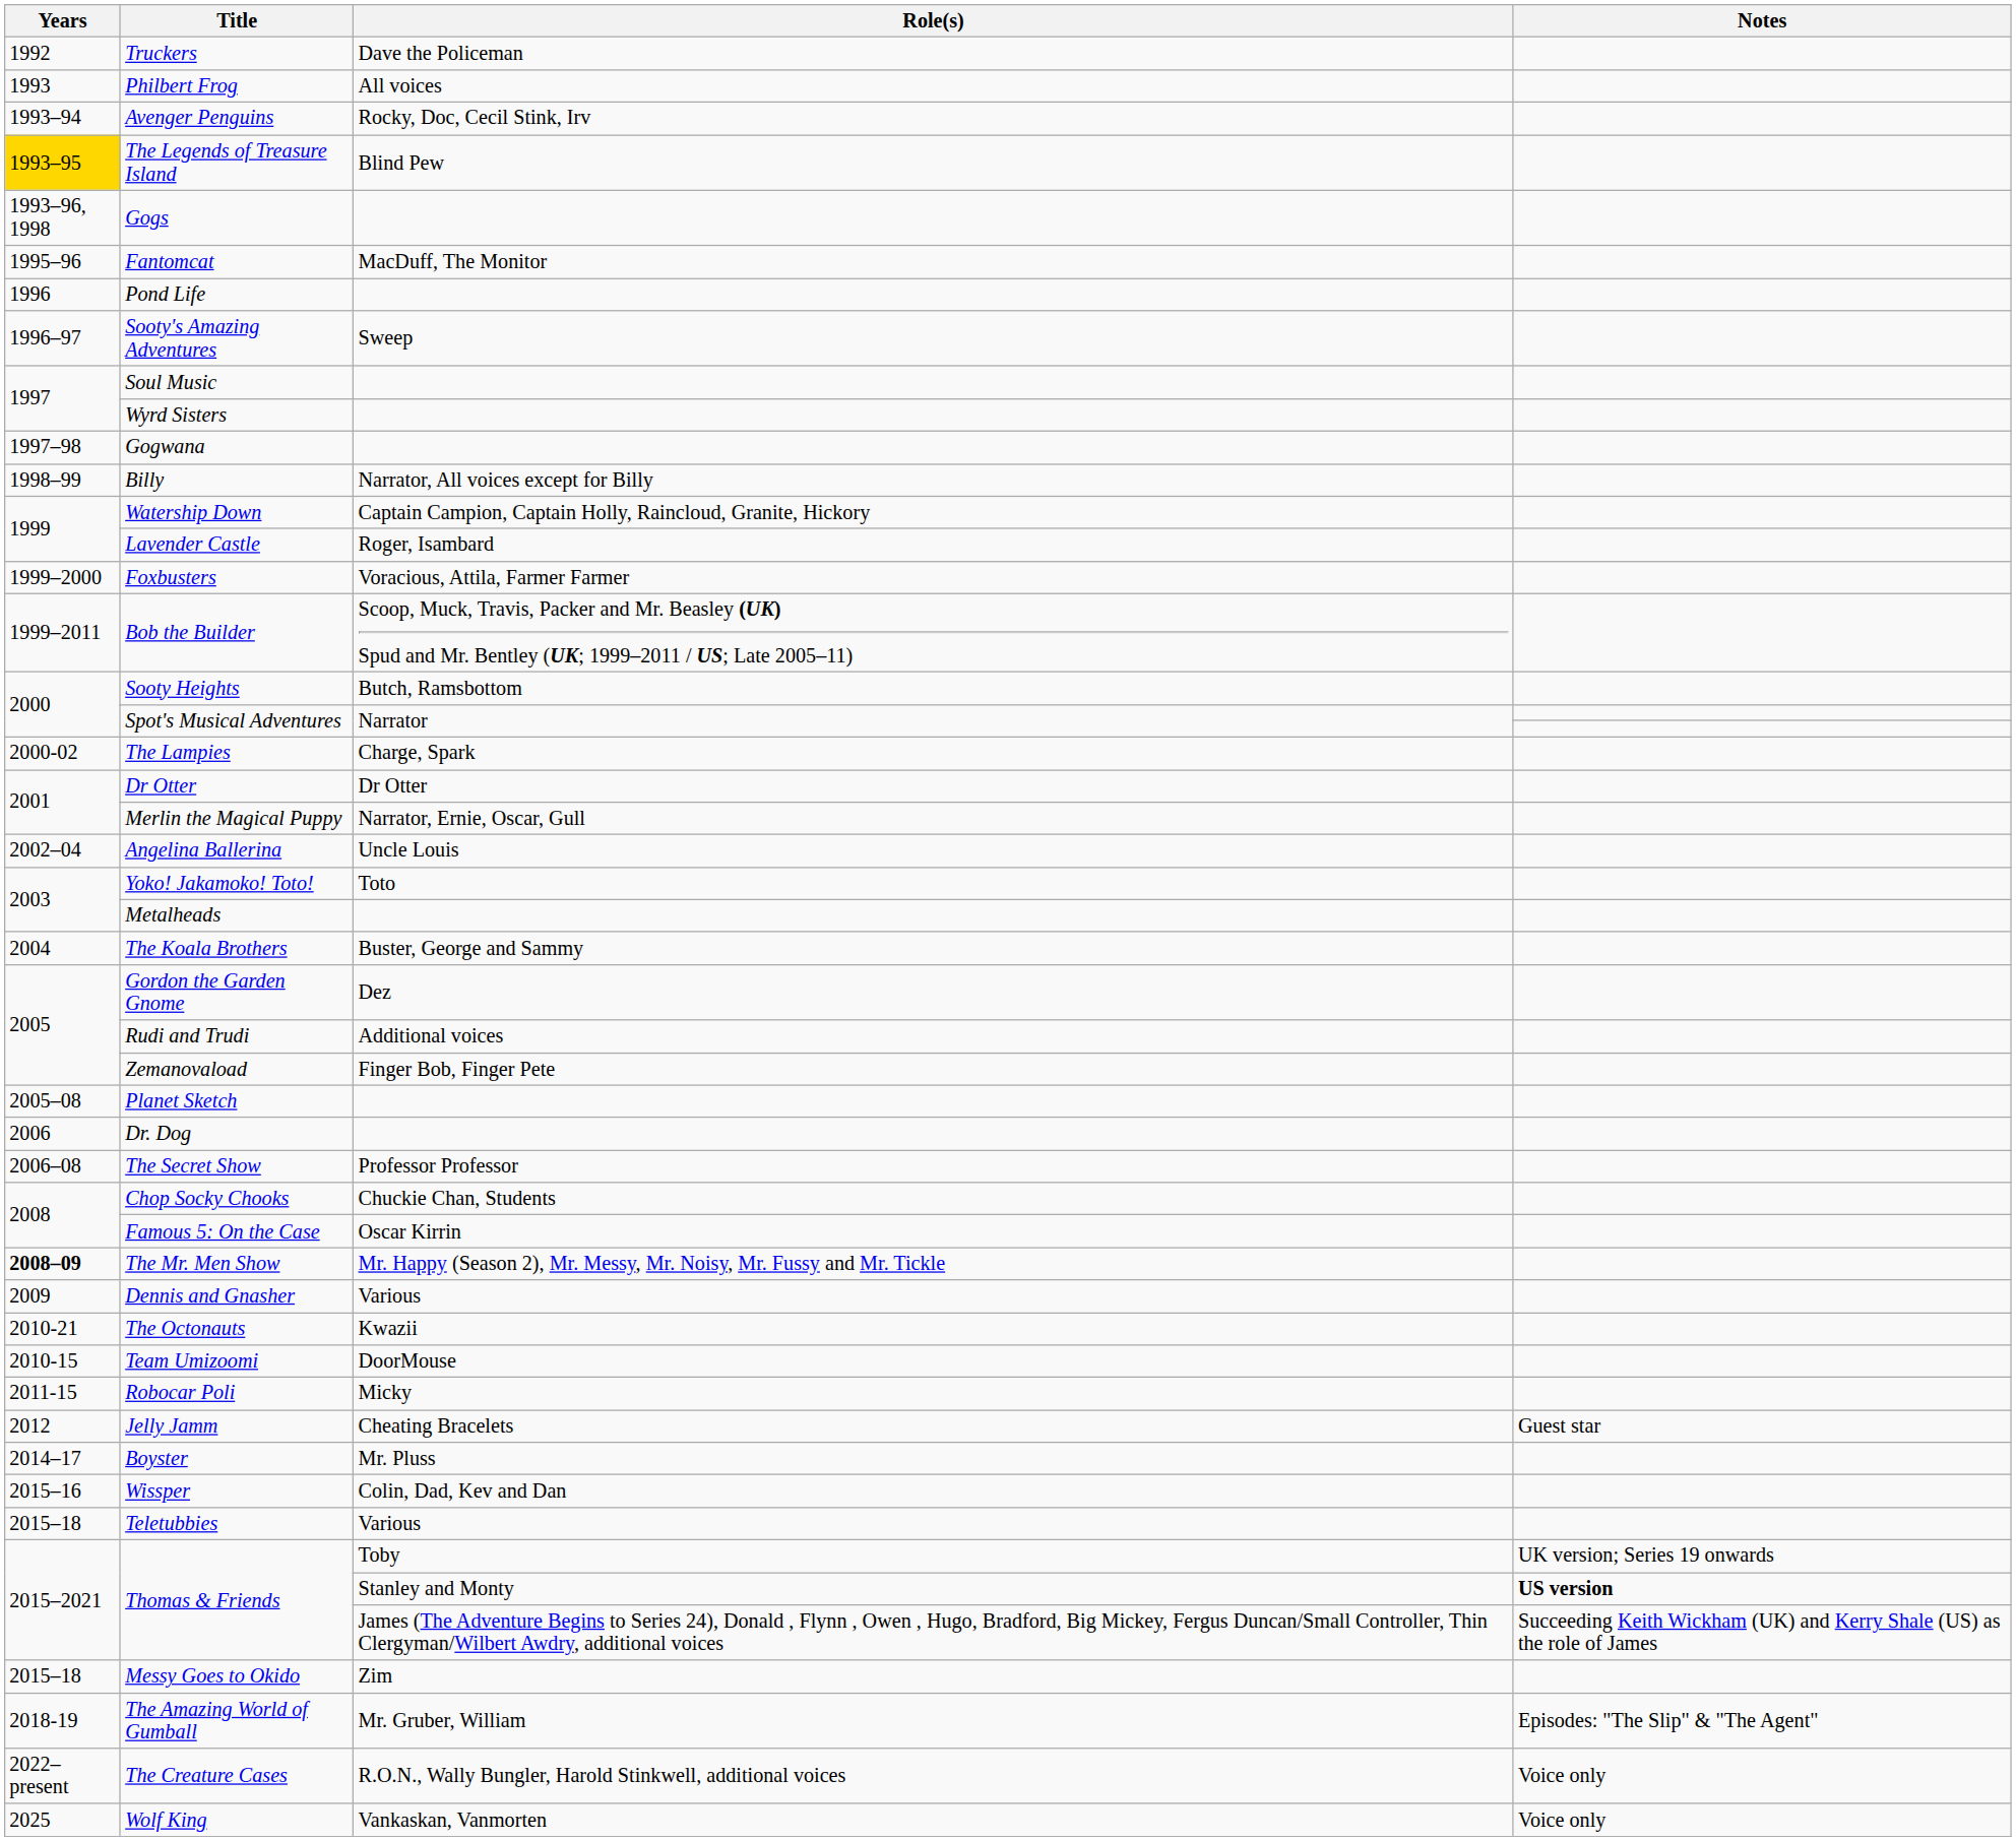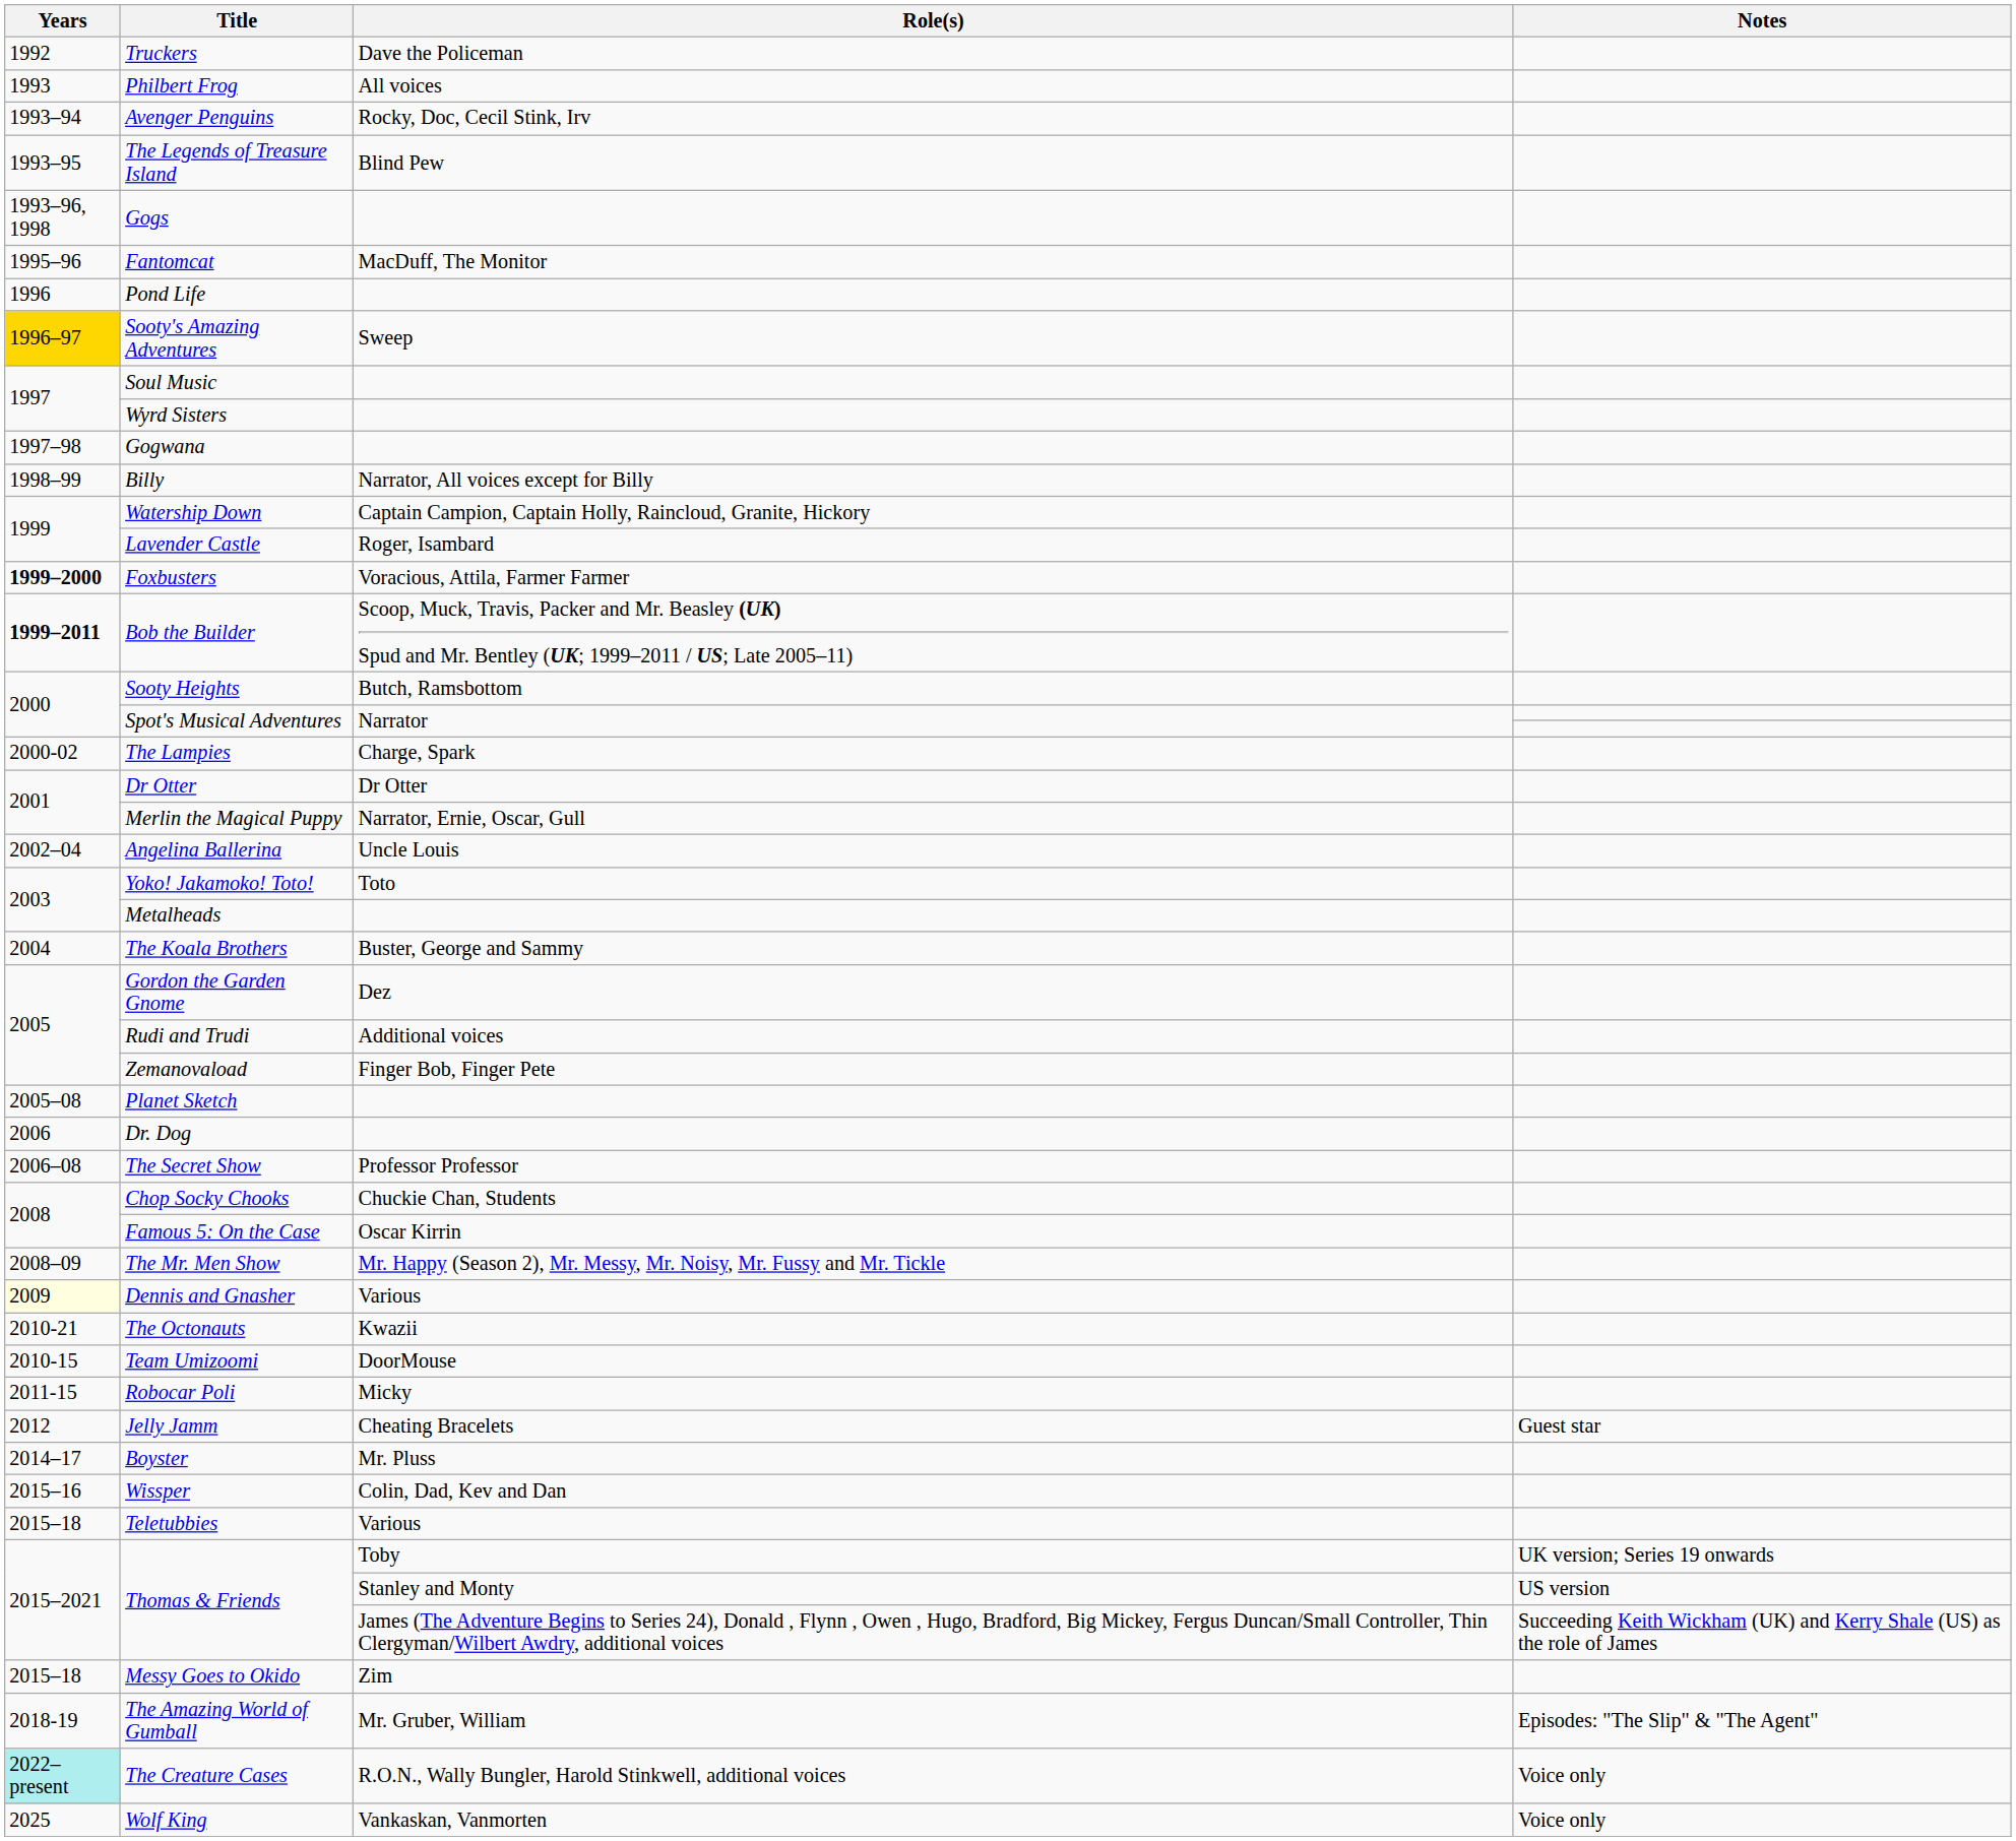 <table class="wikitable">
 <tr>
 <th>Years</th>
 <th>Title</th>
 <th>Role(s)</th>
 <th>Notes</th>
 </tr>
 <tr>
 <td>1992</td>
 <td><em><a href='#'>Truckers</a></em></td>
 <td>Dave the Policeman</td>
 <td></td>
 </tr>
 <tr>
 <td>1993</td>
 <td><em><a href='#'>Philbert Frog</a></em></td>
 <td>All voices</td>
 <td></td>
 </tr>
 <tr>
 <td>1993–94</td>
 <td><em><a href='#'>Avenger Penguins</a></em></td>
 <td>Rocky, Doc, Cecil Stink, Irv</td>
 <td></td>
 </tr>
 <tr>
-<td style="background: gold;">1993–95</td>
+<td>1993–95</td>
 <td><em><a href='#'>The Legends of Treasure Island</a></em></td>
 <td>Blind Pew</td>
 <td></td>
 </tr>
 <tr>
 <td>1993–96, 1998</td>
 <td><em><a href='#'>Gogs</a></em></td>
 <td></td>
 <td></td>
 </tr>
 <tr>
 <td>1995–96</td>
 <td><em><a href='#'>Fantomcat</a></em></td>
 <td>MacDuff, The Monitor</td>
 <td></td>
 </tr>
 <tr>
 <td>1996</td>
 <td><em>Pond Life</em></td>
 <td></td>
 <td></td>
 </tr>
 <tr>
-<td>1996–97</td>
+<td style="background: gold;">1996–97</td>
 <td><em><a href='#'>Sooty's Amazing Adventures</a></em></td>
 <td>Sweep</td>
 <td></td>
 </tr>
 <tr>
 <td rowspan="2">1997</td>
 <td><em>Soul Music</em></td>
 <td></td>
 <td></td>
 </tr>
 <tr>
 <td><em>Wyrd Sisters</em></td>
 <td></td>
 <td></td>
 </tr>
 <tr>
 <td>1997–98</td>
 <td><em>Gogwana</em></td>
 <td></td>
 <td></td>
 </tr>
 <tr>
 <td>1998–99</td>
 <td><em>Billy</em></td>
 <td>Narrator, All voices except for Billy</td>
 <td></td>
 </tr>
 <tr>
 <td rowspan = "2">1999</td>
 <td><em><a href='#'>Watership Down</a></em></td>
 <td>Captain Campion, Captain Holly, Raincloud, Granite, Hickory</td>
 <td></td>
 </tr>
 <tr>
 <td><em><a href='#'>Lavender Castle</a></em></td>
 <td>Roger, Isambard</td>
 <td></td>
 </tr>
 <tr>
-<td>1999–2000</td>
+<td><strong>1999–2000</strong></td>
 <td><em><a href='#'>Foxbusters</a></em></td>
 <td>Voracious, Attila, Farmer Farmer</td>
 <td></td>
 </tr>
 <tr>
-<td>1999–2011</td>
+<td><strong>1999–2011</strong></td>
 <td><em><a href='#'>Bob the Builder</a></em></td>
 <td>Scoop, Muck, Travis, Packer and Mr. Beasley <strong>(<em>UK</em>)</strong><hr>Spud and Mr. Bentley (<strong><em>UK</em></strong>; 1999–2011 / <strong><em>US</em></strong>; Late 2005–11)</td>
 <td></td>
 </tr>
 <tr>
 <td rowspan="3">2000</td>
 <td><em><a href='#'>Sooty Heights</a></em></td>
 <td>Butch, Ramsbottom</td>
 <td></td>
 </tr>
 <tr>
 <td rowspan="2"><em>Spot's Musical Adventures</em></td>
 <td rowspan="2">Narrator</td>
 <td></td>
 </tr>
 <tr>
 <td></td>
 </tr>
 <tr>
 <td>2000-02</td>
 <td><em><a href='#'>The Lampies</a></em></td>
 <td>Charge, Spark</td>
 <td></td>
 </tr>
 <tr>
 <td rowspan="2">2001</td>
 <td><em><a href='#'>Dr Otter</a></em></td>
 <td>Dr Otter</td>
 <td></td>
 </tr>
 <tr>
 <td><em>Merlin the Magical Puppy</em></td>
 <td>Narrator, Ernie, Oscar, Gull</td>
 <td></td>
 </tr>
 <tr>
 <td>2002–04</td>
 <td><em><a href='#'>Angelina Ballerina</a></em></td>
 <td>Uncle Louis</td>
 <td></td>
 </tr>
 <tr>
 <td rowspan = "2">2003</td>
 <td><em><a href='#'>Yoko! Jakamoko! Toto!</a></em></td>
 <td>Toto</td>
 <td></td>
 </tr>
 <tr>
 <td><em>Metalheads</em></td>
 <td></td>
 <td></td>
 </tr>
 <tr>
 <td>2004</td>
 <td><em><a href='#'>The Koala Brothers</a></em></td>
 <td>Buster, George and Sammy</td>
 <td></td>
 </tr>
 <tr>
 <td rowspan = "3">2005</td>
 <td><em><a href='#'>Gordon the Garden Gnome</a></em></td>
 <td>Dez</td>
 <td></td>
 </tr>
 <tr>
 <td><em>Rudi and Trudi</em></td>
 <td>Additional voices</td>
 <td></td>
 </tr>
 <tr>
 <td><em>Zemanovaload</em></td>
 <td>Finger Bob, Finger Pete</td>
 <td></td>
 </tr>
 <tr>
 <td>2005–08</td>
 <td><em><a href='#'>Planet Sketch</a></em></td>
 <td></td>
 <td></td>
 </tr>
 <tr>
 <td>2006</td>
 <td><em>Dr. Dog</em></td>
 <td></td>
 <td></td>
 </tr>
 <tr>
 <td>2006–08</td>
 <td><em><a href='#'>The Secret Show</a></em></td>
 <td>Professor Professor</td>
 <td></td>
 </tr>
 <tr>
 <td rowspan = "2">2008</td>
 <td><em><a href='#'>Chop Socky Chooks</a></em></td>
 <td>Chuckie Chan, Students</td>
 <td></td>
 </tr>
 <tr>
 <td><em><a href='#'>Famous 5: On the Case</a></em></td>
 <td>Oscar Kirrin</td>
 <td></td>
 </tr>
 <tr>
-<td><strong>2008–09</strong></td>
+<td>2008–09</td>
 <td><em><a href='#'>The Mr. Men Show</a></em></td>
 <td><a href='#'>Mr. Happy</a> (Season 2), <a href='#'>Mr. Messy</a>, <a href='#'>Mr. Noisy</a>, <a href='#'>Mr. Fussy</a> and <a href='#'>Mr. Tickle</a></td>
 <td></td>
 </tr>
 <tr>
-<td>2009</td>
+<td style="background: lightyellow;">2009</td>
 <td><em><a href='#'>Dennis and Gnasher</a></em></td>
 <td>Various</td>
 <td></td>
 </tr>
 <tr>
 <td>2010-21</td>
 <td><em><a href='#'>The Octonauts</a></em></td>
 <td>Kwazii</td>
 <td></td>
 </tr>
 <tr>
 <td>2010-15</td>
 <td><em><a href='#'>Team Umizoomi</a></em></td>
 <td>DoorMouse</td>
 <td></td>
 </tr>
 <tr>
 <td>2011-15</td>
 <td><em><a href='#'>Robocar Poli</a></em></td>
 <td>Micky</td>
 <td></td>
 </tr>
 <tr>
 <td>2012</td>
 <td><em><a href='#'>Jelly Jamm</a></em></td>
 <td>Cheating Bracelets</td>
 <td>Guest star</td>
 </tr>
 <tr>
 <td>2014–17</td>
 <td><em><a href='#'>Boyster</a></em></td>
 <td>Mr. Pluss</td>
 <td></td>
 </tr>
 <tr>
 <td>2015–16</td>
 <td><em><a href='#'>Wissper</a></em></td>
 <td>Colin, Dad, Kev and Dan</td>
 <td></td>
 </tr>
 <tr>
 <td>2015–18</td>
 <td><em><a href='#'>Teletubbies</a></em></td>
 <td>Various</td>
 <td></td>
 </tr>
 <tr>
 <td rowspan = "3">2015–2021</td>
 <td rowspan = "3"><em><a href='#'>Thomas & Friends</a></em></td>
 <td>Toby</td>
 <td>UK version; Series 19 onwards</td>
 </tr>
 <tr>
 <td>Stanley and Monty</td>
-<td><strong>US version</strong></td>
+<td>US version</td>
 </tr>
 <tr>
 <td>James (<a href='#'>The Adventure Begins</a> to Series 24), Donald , Flynn , Owen , Hugo, Bradford, Big Mickey, Fergus Duncan/Small Controller, Thin Clergyman/<a href='#'>Wilbert Awdry</a>, additional voices</td>
 <td>Succeeding <a href='#'>Keith Wickham</a> (UK) and <a href='#'>Kerry Shale</a> (US) as the role of James</td>
 </tr>
 <tr>
 <td>2015–18</td>
 <td><em><a href='#'>Messy Goes to Okido</a></em></td>
 <td>Zim</td>
 <td></td>
 </tr>
 <tr>
 <td>2018-19</td>
 <td><em><a href='#'>The Amazing World of Gumball</a></em></td>
 <td>Mr. Gruber, William</td>
 <td>Episodes: "The Slip" & "The Agent"</td>
 </tr>
 <tr>
-<td>2022–present</td>
+<td style="background: paleturquoise;">2022–present</td>
 <td><em><a href='#'>The Creature Cases</a></em></td>
 <td>R.O.N., Wally Bungler, Harold Stinkwell, additional voices</td>
 <td>Voice only</td>
 </tr>
 <tr>
 <td>2025</td>
 <td><em><a href='#'>Wolf King</a></em></td>
 <td>Vankaskan, Vanmorten</td>
 <td>Voice only</td>
 </tr>
 </table>
